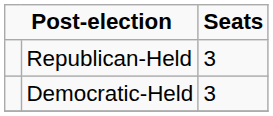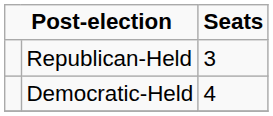 <table class= "wikitable">
 <tr>
 <td colspan= "2" rowspan= "1" align= "center" valign= "top"><strong>Post-election</strong></td>
 <td valign= "top"><strong>Seats</strong><br></td>
 </tr>
 <tr>
 <td style="background-color:"> </td>
 <td>Republican-Held</td>
 <td>3</td>
 </tr>
 <tr>
 <td style="background-color:"> </td>
 <td>Democratic-Held</td>
-<td>3</td>
+<td>4</td>
 </tr>
 <tr>
 </tr>
 </table>
